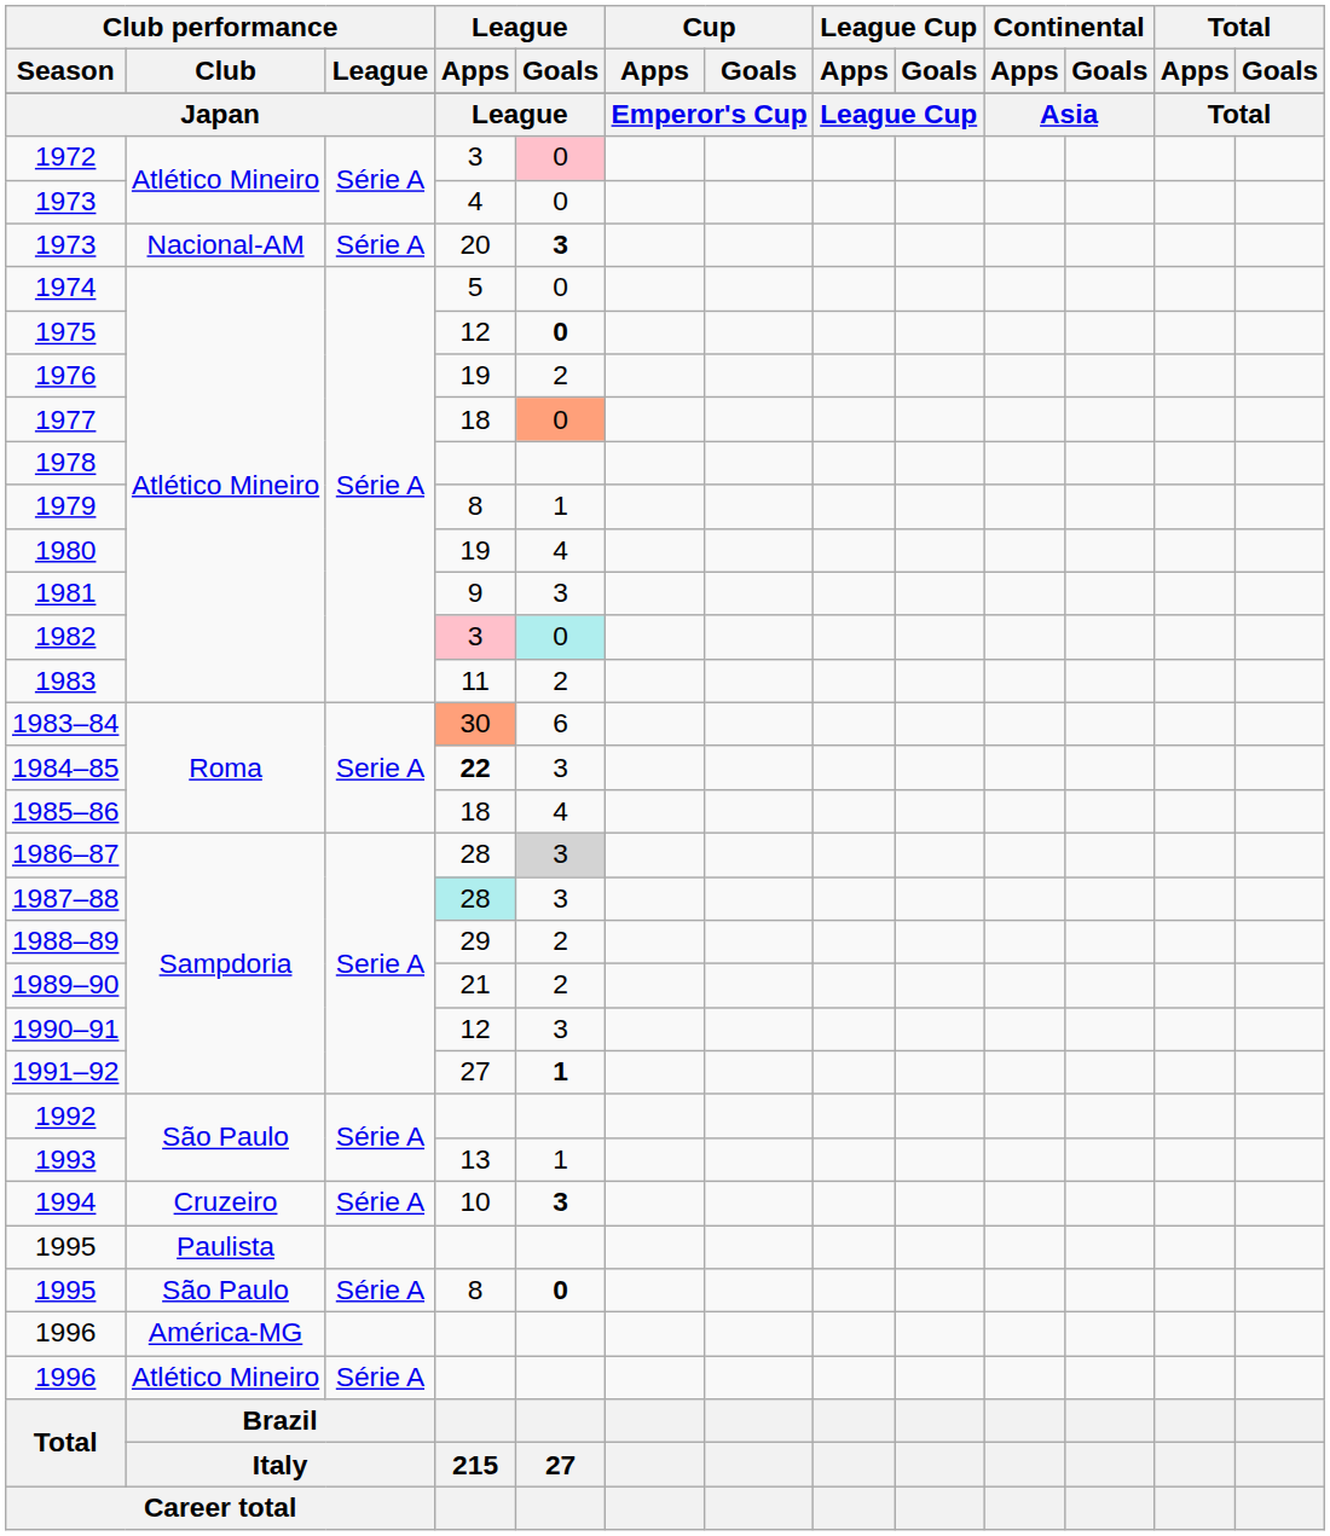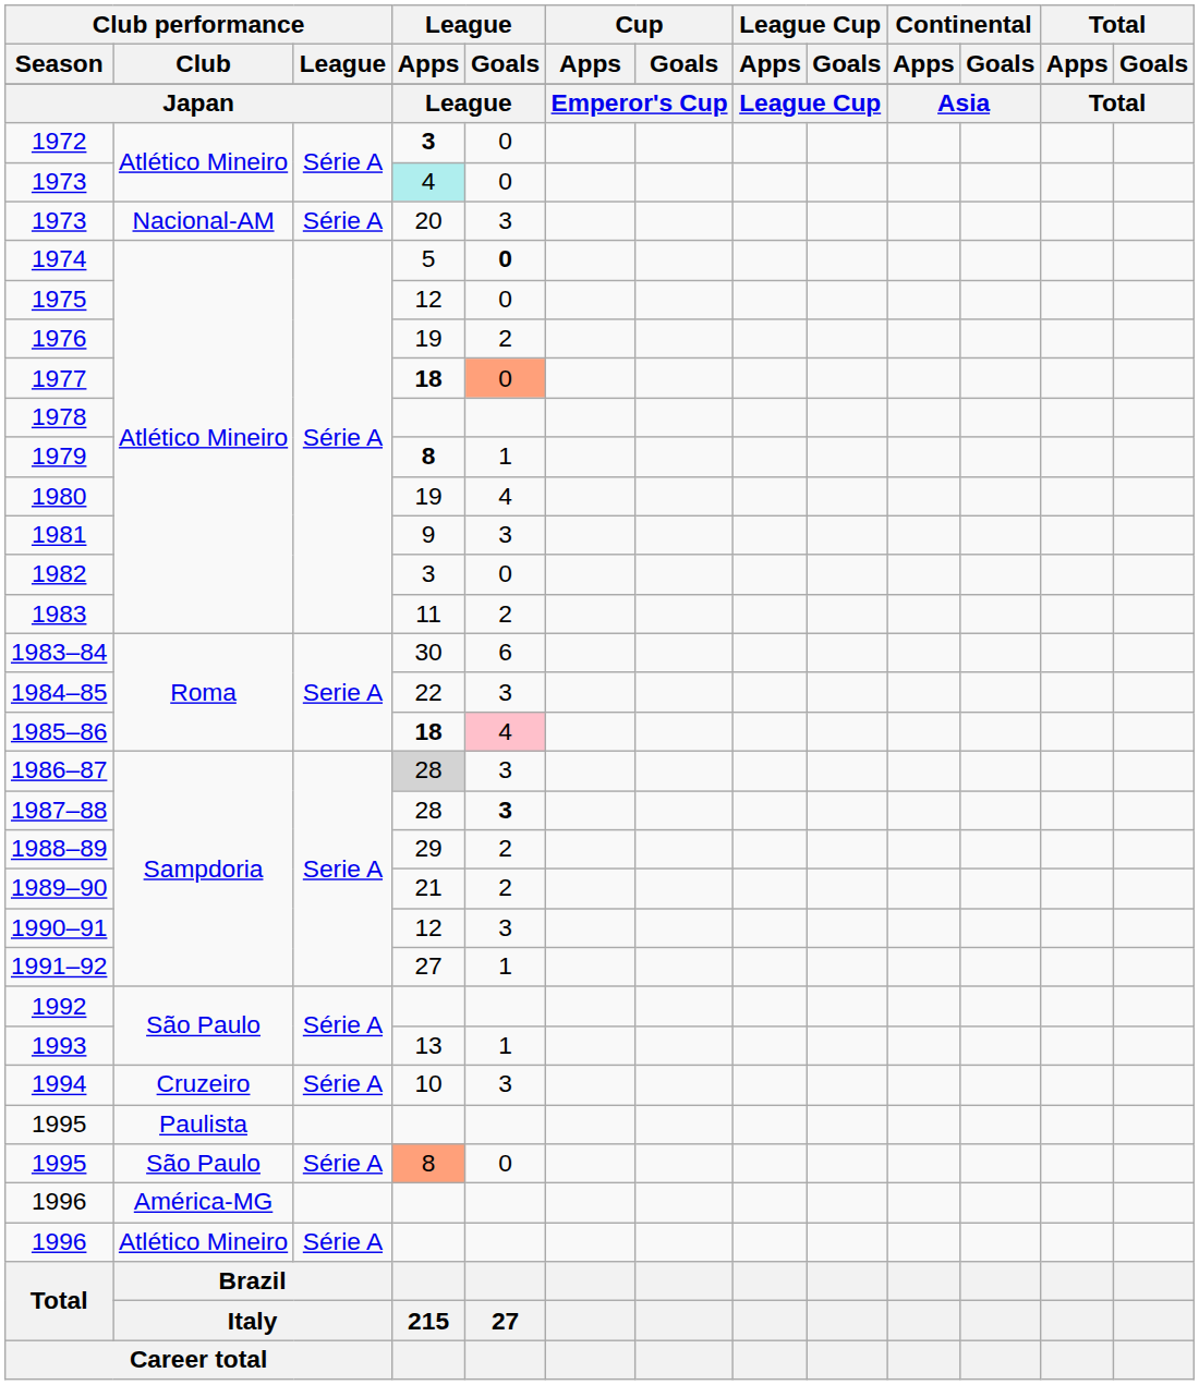 <table class="wikitable" style="text-align:center">
 <tr>
 <th colspan=3>Club performance</th>
 <th colspan=2>League</th>
 <th colspan=2>Cup</th>
 <th colspan=2>League Cup</th>
 <th colspan=2>Continental</th>
 <th colspan=2>Total</th>
 </tr>
 <tr>
 <th>Season</th>
 <th>Club</th>
 <th>League</th>
 <th>Apps</th>
 <th>Goals</th>
 <th>Apps</th>
 <th>Goals</th>
 <th>Apps</th>
 <th>Goals</th>
 <th>Apps</th>
 <th>Goals</th>
 <th>Apps</th>
 <th>Goals</th>
 </tr>
 <tr>
 </tr>
 <tr>
 <th colspan=3>Japan</th>
 <th colspan=2>League</th>
 <th colspan=2><a href='#'>Emperor's Cup</a></th>
 <th colspan=2><a href='#'>League Cup</a></th>
 <th colspan=2><a href='#'>Asia</a></th>
 <th colspan=2>Total</th>
 </tr>
 <tr>
 <td><a href='#'>1972</a></td>
 <td rowspan="2"><a href='#'>Atlético Mineiro</a></td>
 <td rowspan="2"><a href='#'>Série A</a></td>
-<td>3</td>
-<td style="background: pink;">0</td>
+<td><strong>3</strong></td>
+<td>0</td>
 <td></td>
 <td></td>
 <td></td>
 <td></td>
 <td></td>
 <td></td>
 <td></td>
 <td></td>
 </tr>
 <tr>
 <td><a href='#'>1973</a></td>
-<td>4</td>
+<td style="background: paleturquoise;">4</td>
 <td>0</td>
 <td></td>
 <td></td>
 <td></td>
 <td></td>
 <td></td>
 <td></td>
 <td></td>
 <td></td>
 </tr>
 <tr>
 <td><a href='#'>1973</a></td>
 <td><a href='#'>Nacional-AM</a></td>
 <td><a href='#'>Série A</a></td>
 <td>20</td>
-<td><strong>3</strong></td>
+<td>3</td>
 <td></td>
 <td></td>
 <td></td>
 <td></td>
 <td></td>
 <td></td>
 <td></td>
 <td></td>
 </tr>
 <tr>
 <td><a href='#'>1974</a></td>
 <td rowspan="10"><a href='#'>Atlético Mineiro</a></td>
 <td rowspan="10"><a href='#'>Série A</a></td>
 <td>5</td>
-<td>0</td>
+<td><strong>0</strong></td>
 <td></td>
 <td></td>
 <td></td>
 <td></td>
 <td></td>
 <td></td>
 <td></td>
 <td></td>
 </tr>
 <tr>
 <td><a href='#'>1975</a></td>
 <td>12</td>
-<td><strong>0</strong></td>
+<td>0</td>
 <td></td>
 <td></td>
 <td></td>
 <td></td>
 <td></td>
 <td></td>
 <td></td>
 <td></td>
 </tr>
 <tr>
 <td><a href='#'>1976</a></td>
 <td>19</td>
 <td>2</td>
 <td></td>
 <td></td>
 <td></td>
 <td></td>
 <td></td>
 <td></td>
 <td></td>
 <td></td>
 </tr>
 <tr>
 <td><a href='#'>1977</a></td>
-<td>18</td>
+<td><strong>18</strong></td>
 <td style="background: lightsalmon;">0</td>
 <td></td>
 <td></td>
 <td></td>
 <td></td>
 <td></td>
 <td></td>
 <td></td>
 <td></td>
 </tr>
 <tr>
 <td><a href='#'>1978</a></td>
 <td></td>
 <td></td>
 <td></td>
 <td></td>
 <td></td>
 <td></td>
 <td></td>
 <td></td>
 <td></td>
 <td></td>
 </tr>
 <tr>
 <td><a href='#'>1979</a></td>
-<td>8</td>
+<td><strong>8</strong></td>
 <td>1</td>
 <td></td>
 <td></td>
 <td></td>
 <td></td>
 <td></td>
 <td></td>
 <td></td>
 <td></td>
 </tr>
 <tr>
 <td><a href='#'>1980</a></td>
 <td>19</td>
 <td>4</td>
 <td></td>
 <td></td>
 <td></td>
 <td></td>
 <td></td>
 <td></td>
 <td></td>
 <td></td>
 </tr>
 <tr>
 <td><a href='#'>1981</a></td>
 <td>9</td>
 <td>3</td>
 <td></td>
 <td></td>
 <td></td>
 <td></td>
 <td></td>
 <td></td>
 <td></td>
 <td></td>
 </tr>
 <tr>
 <td><a href='#'>1982</a></td>
-<td style="background: pink;">3</td>
-<td style="background: paleturquoise;">0</td>
+<td>3</td>
+<td>0</td>
 <td></td>
 <td></td>
 <td></td>
 <td></td>
 <td></td>
 <td></td>
 <td></td>
 <td></td>
 </tr>
 <tr>
 <td><a href='#'>1983</a></td>
 <td>11</td>
 <td>2</td>
 <td></td>
 <td></td>
 <td></td>
 <td></td>
 <td></td>
 <td></td>
 <td></td>
 <td></td>
 </tr>
 <tr>
 <td><a href='#'>1983–84</a></td>
 <td rowspan="3"><a href='#'>Roma</a></td>
 <td rowspan="3"><a href='#'>Serie A</a></td>
-<td style="background: lightsalmon;">30</td>
+<td>30</td>
 <td>6</td>
 <td></td>
 <td></td>
 <td></td>
 <td></td>
 <td></td>
 <td></td>
 <td></td>
 <td></td>
 </tr>
 <tr>
 <td><a href='#'>1984–85</a></td>
-<td><strong>22</strong></td>
+<td>22</td>
 <td>3</td>
 <td></td>
 <td></td>
 <td></td>
 <td></td>
 <td></td>
 <td></td>
 <td></td>
 <td></td>
 </tr>
 <tr>
 <td><a href='#'>1985–86</a></td>
-<td>18</td>
-<td>4</td>
+<td><strong>18</strong></td>
+<td style="background: pink;">4</td>
 <td></td>
 <td></td>
 <td></td>
 <td></td>
 <td></td>
 <td></td>
 <td></td>
 <td></td>
 </tr>
 <tr>
 <td><a href='#'>1986–87</a></td>
 <td rowspan="6"><a href='#'>Sampdoria</a></td>
 <td rowspan="6"><a href='#'>Serie A</a></td>
-<td>28</td>
-<td style="background: lightgrey;">3</td>
+<td style="background: lightgrey;">28</td>
+<td>3</td>
 <td></td>
 <td></td>
 <td></td>
 <td></td>
 <td></td>
 <td></td>
 <td></td>
 <td></td>
 </tr>
 <tr>
 <td><a href='#'>1987–88</a></td>
-<td style="background: paleturquoise;">28</td>
-<td>3</td>
+<td>28</td>
+<td><strong>3</strong></td>
 <td></td>
 <td></td>
 <td></td>
 <td></td>
 <td></td>
 <td></td>
 <td></td>
 <td></td>
 </tr>
 <tr>
 <td><a href='#'>1988–89</a></td>
 <td>29</td>
 <td>2</td>
 <td></td>
 <td></td>
 <td></td>
 <td></td>
 <td></td>
 <td></td>
 <td></td>
 <td></td>
 </tr>
 <tr>
 <td><a href='#'>1989–90</a></td>
 <td>21</td>
 <td>2</td>
 <td></td>
 <td></td>
 <td></td>
 <td></td>
 <td></td>
 <td></td>
 <td></td>
 <td></td>
 </tr>
 <tr>
 <td><a href='#'>1990–91</a></td>
 <td>12</td>
 <td>3</td>
 <td></td>
 <td></td>
 <td></td>
 <td></td>
 <td></td>
 <td></td>
 <td></td>
 <td></td>
 </tr>
 <tr>
 <td><a href='#'>1991–92</a></td>
 <td>27</td>
-<td><strong>1</strong></td>
+<td>1</td>
 <td></td>
 <td></td>
 <td></td>
 <td></td>
 <td></td>
 <td></td>
 <td></td>
 <td></td>
 </tr>
 <tr>
 <td><a href='#'>1992</a></td>
 <td rowspan="2"><a href='#'>São Paulo</a></td>
 <td rowspan="2"><a href='#'>Série A</a></td>
 <td></td>
 <td></td>
 <td></td>
 <td></td>
 <td></td>
 <td></td>
 <td></td>
 <td></td>
 <td></td>
 <td></td>
 </tr>
 <tr>
 <td><a href='#'>1993</a></td>
 <td>13</td>
 <td>1</td>
 <td></td>
 <td></td>
 <td></td>
 <td></td>
 <td></td>
 <td></td>
 <td></td>
 <td></td>
 </tr>
 <tr>
 <td><a href='#'>1994</a></td>
 <td><a href='#'>Cruzeiro</a></td>
 <td><a href='#'>Série A</a></td>
 <td>10</td>
-<td><strong>3</strong></td>
+<td>3</td>
 <td></td>
 <td></td>
 <td></td>
 <td></td>
 <td></td>
 <td></td>
 <td></td>
 <td></td>
 </tr>
 <tr>
 <td>1995</td>
 <td><a href='#'>Paulista</a></td>
 <td></td>
 <td></td>
 <td></td>
 <td></td>
 <td></td>
 <td></td>
 <td></td>
 <td></td>
 <td></td>
 <td></td>
 <td></td>
 </tr>
 <tr>
 <td><a href='#'>1995</a></td>
 <td><a href='#'>São Paulo</a></td>
 <td><a href='#'>Série A</a></td>
-<td>8</td>
-<td><strong>0</strong></td>
+<td style="background: lightsalmon;">8</td>
+<td>0</td>
 <td></td>
 <td></td>
 <td></td>
 <td></td>
 <td></td>
 <td></td>
 <td></td>
 <td></td>
 </tr>
 <tr>
 <td>1996</td>
 <td><a href='#'>América-MG</a></td>
 <td></td>
 <td></td>
 <td></td>
 <td></td>
 <td></td>
 <td></td>
 <td></td>
 <td></td>
 <td></td>
 <td></td>
 <td></td>
 </tr>
 <tr>
 <td><a href='#'>1996</a></td>
 <td><a href='#'>Atlético Mineiro</a></td>
 <td><a href='#'>Série A</a></td>
 <td></td>
 <td></td>
 <td></td>
 <td></td>
 <td></td>
 <td></td>
 <td></td>
 <td></td>
 <td></td>
 <td></td>
 </tr>
 <tr>
 <th rowspan=2>Total</th>
 <th colspan=2>Brazil</th>
 <th></th>
 <th></th>
 <th></th>
 <th></th>
 <th></th>
 <th></th>
 <th></th>
 <th></th>
 <th></th>
 <th></th>
 </tr>
 <tr>
 <th colspan=2>Italy</th>
 <th>215</th>
 <th>27</th>
 <th></th>
 <th></th>
 <th></th>
 <th></th>
 <th></th>
 <th></th>
 <th></th>
 <th></th>
 </tr>
 <tr>
 <th colspan=3>Career total</th>
 <th></th>
 <th></th>
 <th></th>
 <th></th>
 <th></th>
 <th></th>
 <th></th>
 <th></th>
 <th></th>
 <th></th>
 </tr>
 </table>
